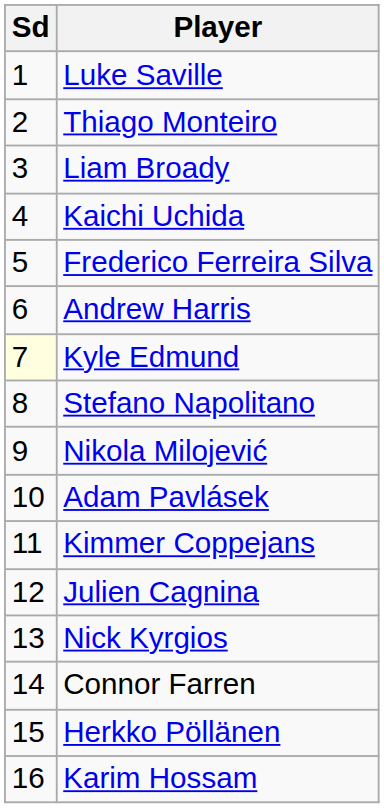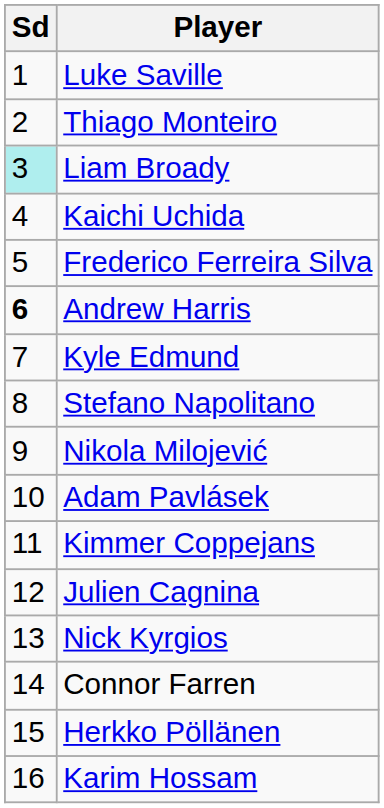 <table class="wikitable sortable">
 <tr>
 <th>Sd</th>
 <th>Player</th>
 </tr>
 <tr align=left>
 <td>1</td>
 <td> <a href='#'>Luke Saville</a></td>
 </tr>
 <tr>
 <td>2</td>
 <td> <a href='#'>Thiago Monteiro</a></td>
 </tr>
 <tr>
-<td>3</td>
+<td style="background: paleturquoise;">3</td>
 <td> <a href='#'>Liam Broady</a></td>
 </tr>
 <tr>
 <td>4</td>
 <td> <a href='#'>Kaichi Uchida</a></td>
 </tr>
 <tr>
 <td>5</td>
 <td> <a href='#'>Frederico Ferreira Silva</a></td>
 </tr>
 <tr>
-<td>6</td>
+<td><strong>6</strong></td>
 <td> <a href='#'>Andrew Harris</a></td>
 </tr>
 <tr>
-<td style="background: lightyellow;">7</td>
+<td>7</td>
 <td> <a href='#'>Kyle Edmund</a></td>
 </tr>
 <tr>
 <td>8</td>
 <td> <a href='#'>Stefano Napolitano</a></td>
 </tr>
 <tr>
 <td>9</td>
 <td> <a href='#'>Nikola Milojević</a></td>
 </tr>
 <tr>
 <td>10</td>
 <td> <a href='#'>Adam Pavlásek</a></td>
 </tr>
 <tr>
 <td>11</td>
 <td> <a href='#'>Kimmer Coppejans</a></td>
 </tr>
 <tr>
 <td>12</td>
 <td> <a href='#'>Julien Cagnina</a></td>
 </tr>
 <tr>
 <td>13</td>
 <td> <a href='#'>Nick Kyrgios</a></td>
 </tr>
 <tr>
 <td>14</td>
 <td> Connor Farren</td>
 </tr>
 <tr>
 <td>15</td>
 <td> <a href='#'>Herkko Pöllänen</a></td>
 </tr>
 <tr>
 <td>16</td>
 <td> <a href='#'>Karim Hossam</a></td>
 </tr>
 </table>
